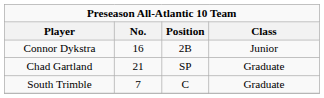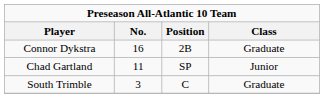 <table class="wikitable" style="text-align:center">
 <tr>
 <td colspan="5"><strong>Preseason All-Atlantic 10 Team</strong></td>
 </tr>
 <tr>
 <th style="width:150px; ">Player</th>
 <th style="width:60px; ">No.</th>
 <th style="width:60px; ">Position</th>
 <th style="width:150px; ">Class</th>
 </tr>
 <tr>
 <td>Connor Dykstra</td>
 <td>16</td>
 <td>2B</td>
+<td>Graduate</td>
+</tr>
+<tr>
+<td>Chad Gartland</td>
+<td>11</td>
+<td>SP</td>
 <td>Junior</td>
 </tr>
 <tr>
-<td>Chad Gartland</td>
-<td>21</td>
-<td>SP</td>
-<td>Graduate</td>
-</tr>
-<tr>
 <td>South Trimble</td>
-<td>7</td>
+<td>3</td>
 <td>C</td>
 <td>Graduate</td>
 </tr>
 <tr>
 </tr>
 </table>
